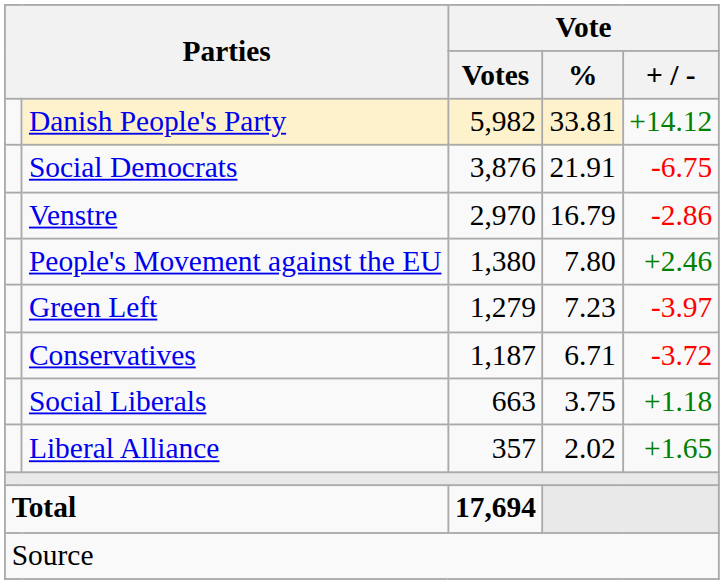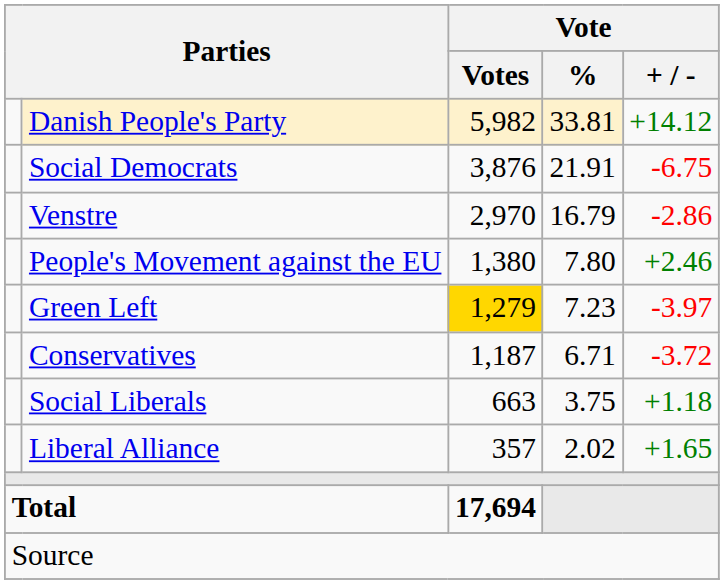 <table class="wikitable" style="text-align:right;">
 <tr>
 <th style="text-align:centre;" rowspan="2" colspan="2" width="225">Parties</th>
 <th colspan="3">Vote</th>
 </tr>
 <tr>
 <th width="15">Votes</th>
 <th width="15">%</th>
 <th width="15">+ / -</th>
 </tr>
 <tr>
 <td width="2" style="color:inherit;background:"></td>
 <td bgcolor=#fef2cc   align="left"><a href='#'>Danish People's Party</a></td>
 <td bgcolor=#fef2cc>5,982</td>
 <td bgcolor=#fef2cc>33.81</td>
 <td style=color:green;>+14.12</td>
 </tr>
 <tr>
 <td width="2" style="color:inherit;background:"></td>
 <td align="left"><a href='#'>Social Democrats</a></td>
 <td>3,876</td>
 <td>21.91</td>
 <td style=color:red;>-6.75</td>
 </tr>
 <tr>
 <td width="2" style="color:inherit;background:"></td>
 <td align="left"><a href='#'>Venstre</a></td>
 <td>2,970</td>
 <td>16.79</td>
 <td style=color:red;>-2.86</td>
 </tr>
 <tr>
 <td width="2" style="color:inherit;background:"></td>
 <td align="left"><a href='#'>People's Movement against the EU</a></td>
 <td>1,380</td>
 <td>7.80</td>
 <td style=color:green;>+2.46</td>
 </tr>
 <tr>
 <td width="2" style="color:inherit;background:"></td>
 <td align="left"><a href='#'>Green Left</a></td>
-<td>1,279</td>
+<td style="background: gold;">1,279</td>
 <td>7.23</td>
 <td style=color:red;>-3.97</td>
 </tr>
 <tr>
 <td width="2" style="color:inherit;background:"></td>
 <td align="left"><a href='#'>Conservatives</a></td>
 <td>1,187</td>
 <td>6.71</td>
 <td style=color:red;>-3.72</td>
 </tr>
 <tr>
 <td width="2" style="color:inherit;background:"></td>
 <td align="left"><a href='#'>Social Liberals</a></td>
 <td>663</td>
 <td>3.75</td>
 <td style=color:green;>+1.18</td>
 </tr>
 <tr>
 <td width="2" style="color:inherit;background:"></td>
 <td align="left"><a href='#'>Liberal Alliance</a></td>
 <td>357</td>
 <td>2.02</td>
 <td style=color:green;>+1.65</td>
 </tr>
 <tr>
 <td colspan="7" bgcolor="#E9E9E9"></td>
 </tr>
 <tr>
 <td align="left" colspan="2"><strong>Total</strong></td>
 <td><strong>17,694</strong></td>
 <td bgcolor="#E9E9E9" colspan="2"></td>
 </tr>
 <tr>
 <td align="left" colspan="6">Source</td>
 </tr>
 </table>
